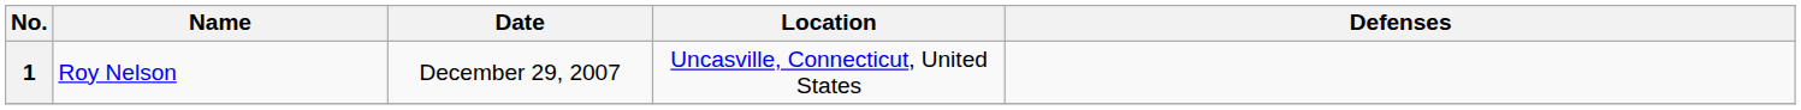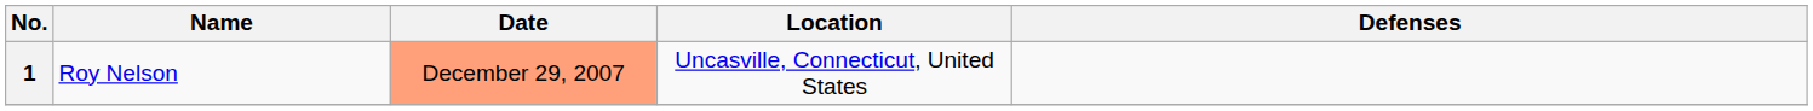 <table class="wikitable" width="99%" style="text-align:center;">
 <tr>
 <th width=1%>No.</th>
 <th width=19%>Name</th>
 <th width=15%>Date</th>
 <th width=20%>Location</th>
 <th width=45%>Defenses</th>
 </tr>
 <tr>
 <th>1</th>
 <td align="left"> <a href='#'>Roy Nelson</a><br></td>
-<td>December 29, 2007</td>
+<td style="background: lightsalmon;">December 29, 2007</td>
 <td><a href='#'>Uncasville, Connecticut</a>, United States</td>
 <td align="left"><br><br> </td>
 </tr>
 <tr>
 </tr>
 </table>
